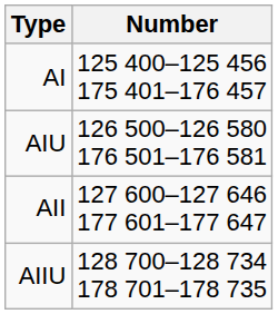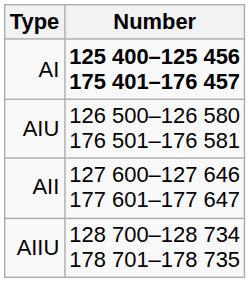 <table class="wikitable float-left">
 <tr class="hintergrundfarbe5">
 <th>Type</th>
 <th>Number</th>
 </tr>
 <tr>
 <td align="right">AI</td>
-<td>125 400–125 456<br>175 401–176 457</td>
+<td><strong>125 400–125 456<br>175 401–176 457</strong></td>
 </tr>
 <tr>
 <td align="right">AIU</td>
 <td>126 500–126 580<br>176 501–176 581</td>
 </tr>
 <tr>
 <td align="right">AII</td>
 <td>127 600–127 646<br>177 601–177 647</td>
 </tr>
 <tr>
 <td align="right">AIIU</td>
 <td>128 700–128 734<br>178 701–178 735</td>
 </tr>
 </table>
